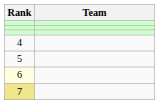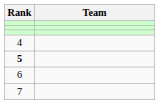 <table class="wikitable" style="text-align: center;">
 <tr>
 <th width=40>Rank</th>
 <th width=180>Team</th>
 </tr>
 <tr bgcolor=#CCFFCC>
 <td></td>
 <td style="text-align:left;"></td>
 </tr>
 <tr bgcolor=#CCFFCC>
 <td></td>
 <td style="text-align:left;"></td>
 </tr>
 <tr bgcolor=#CCFFCC>
 <td></td>
 <td style="text-align:left;"></td>
 </tr>
 <tr>
 <td>4</td>
 <td style="text-align:left;"></td>
 </tr>
 <tr>
-<td>5</td>
+<td><strong>5</strong></td>
 <td style="text-align:left;"></td>
 </tr>
 <tr align=center>
-<td style="background: lightyellow;">6</td>
+<td>6</td>
 <td style="text-align:left;"></td>
 </tr>
 <tr align=center>
-<td style="background: khaki;">7</td>
+<td>7</td>
 <td style="text-align:left;"></td>
 </tr>
 </table>
